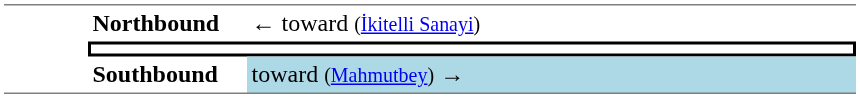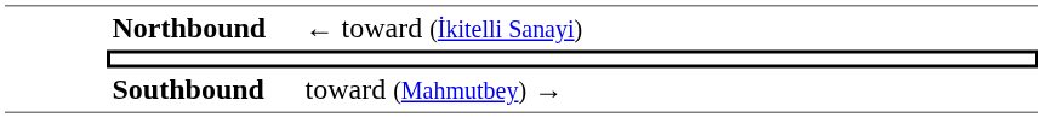 <table table border=0 cellspacing=0 cellpadding=3>
 <tr>
 <td style="border-top:solid 1px gray;border-bottom:solid 1px gray;" width=50 rowspan=3 valign=top></td>
 <td style="border-top:solid 1px gray;" width=100><strong>Northbound</strong></td>
 <td style="border-top:solid 1px gray;" width=400>←  toward  <small>(<a href='#'>İkitelli Sanayi</a>)</small></td>
 </tr>
 <tr>
 <td style="border-top:solid 2px black;border-right:solid 2px black;border-left:solid 2px black;border-bottom:solid 2px black;text-align:center;" colspan=2></td>
 </tr>
 <tr>
 <td style="border-bottom:solid 1px gray;"><strong>Southbound</strong></td>
-<td style="background: lightblue; border-bottom:solid 1px gray;"> toward  <small>(<a href='#'>Mahmutbey</a>)</small> →</td>
+<td style="border-bottom:solid 1px gray;"> toward  <small>(<a href='#'>Mahmutbey</a>)</small> →</td>
 </tr>
 </table>
